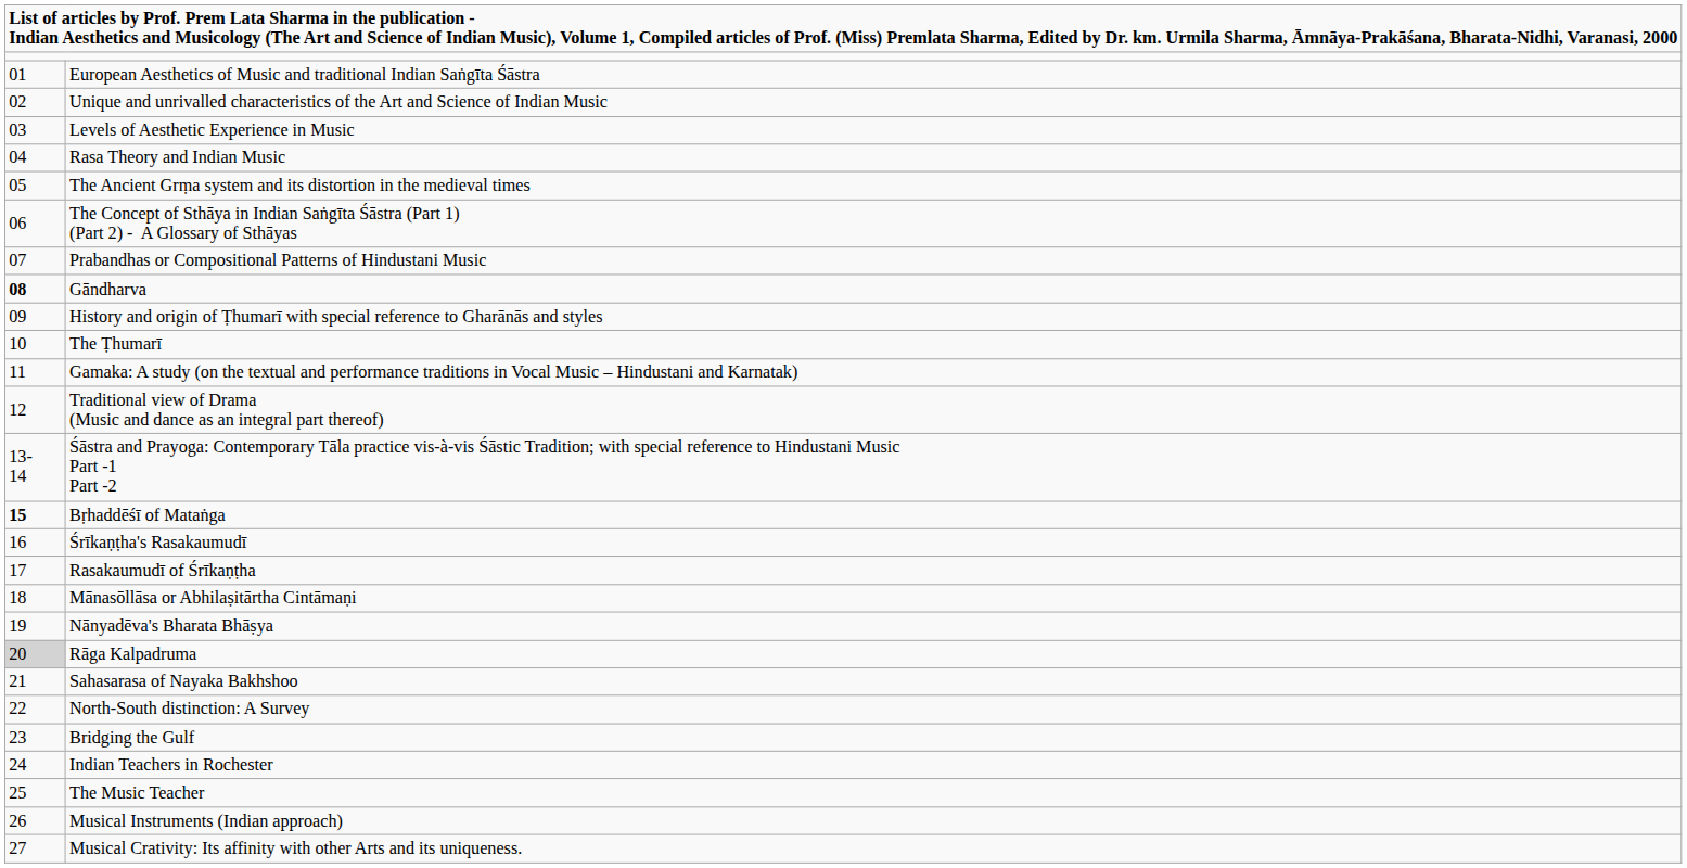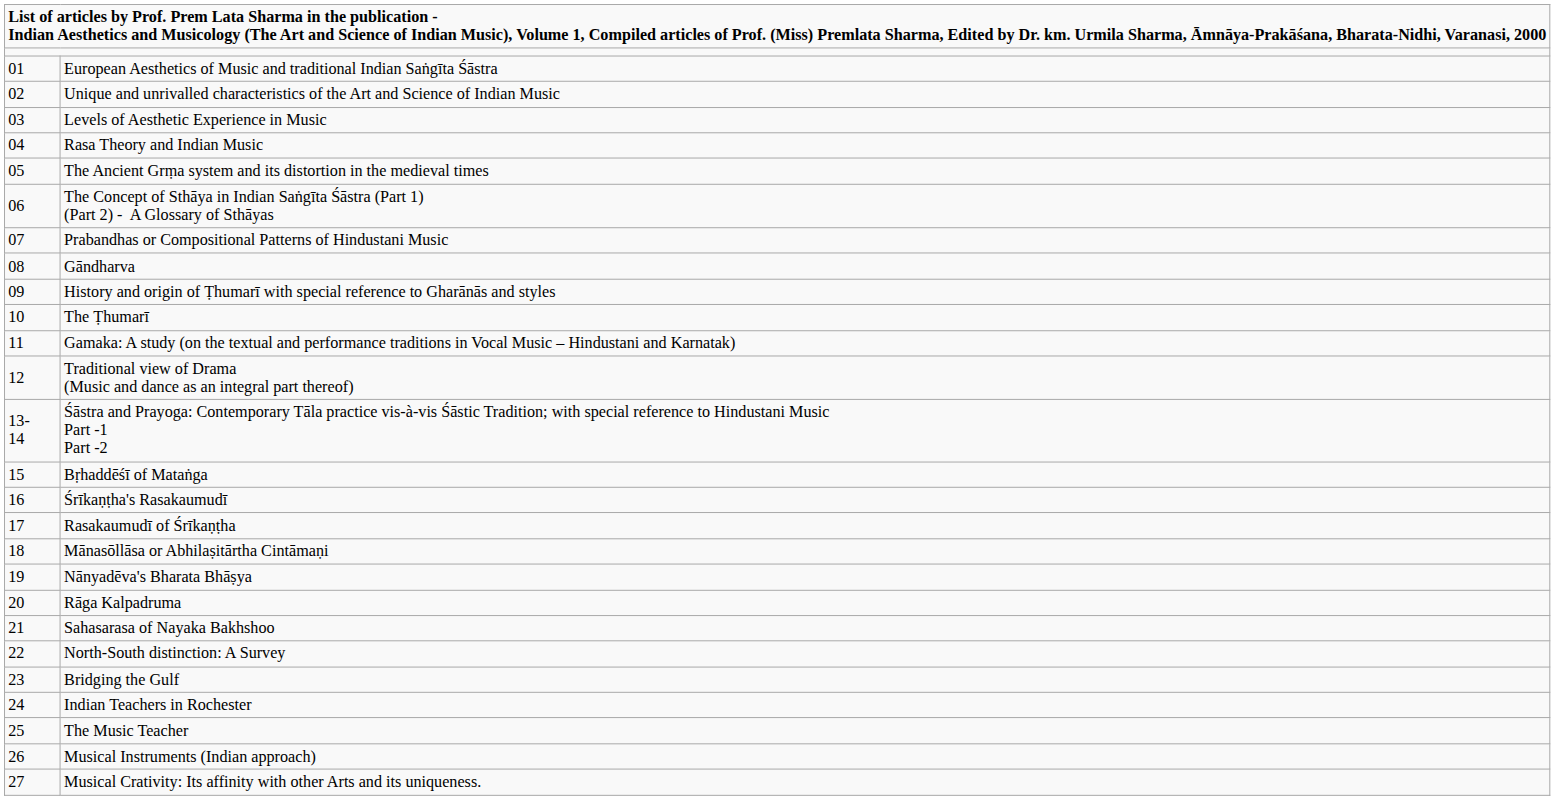 <table class="wikitable">
 <tr>
 <td colspan="2"><strong>List of articles by Prof. Prem Lata Sharma in the publication -</strong><br><strong>Indian Aesthetics and Musicology (The Art and Science of Indian Music), Volume 1, Compiled articles of Prof. (Miss) Premlata Sharma, Edited by Dr. km. Urmila Sharma, Āmnāya-Prakāśana, Bharata-Nidhi, Varanasi, 2000</strong><br></td>
 </tr>
 <tr>
 <td colspan="2"></td>
 </tr>
 <tr>
 <td>01</td>
 <td>European Aesthetics of Music and traditional Indian Saṅgīta Śāstra</td>
 </tr>
 <tr>
 <td>02</td>
 <td>Unique and unrivalled characteristics of the Art and Science of Indian Music</td>
 </tr>
 <tr>
 <td>03</td>
 <td>Levels of Aesthetic Experience in Music</td>
 </tr>
 <tr>
 <td>04</td>
 <td>Rasa Theory and Indian Music</td>
 </tr>
 <tr>
 <td>05</td>
 <td>The Ancient Grṃa system and its distortion in the medieval times</td>
 </tr>
 <tr>
 <td>06</td>
 <td>The Concept of Sthāya in Indian Saṅgīta Śāstra (Part 1)<br>(Part 2) -  A Glossary of Sthāyas</td>
 </tr>
 <tr>
 <td>07</td>
 <td>Prabandhas or Compositional Patterns of Hindustani Music</td>
 </tr>
 <tr>
-<td><strong>08</strong></td>
+<td>08</td>
 <td>Gāndharva</td>
 </tr>
 <tr>
 <td>09</td>
 <td>History and origin of Ṭhumarī with special reference to Gharānās and styles</td>
 </tr>
 <tr>
 <td>10</td>
 <td>The Ṭhumarī</td>
 </tr>
 <tr>
 <td>11</td>
 <td>Gamaka: A study (on the textual and performance traditions in Vocal Music – Hindustani and Karnatak)</td>
 </tr>
 <tr>
 <td>12</td>
 <td>Traditional view of Drama<br>(Music and dance as an integral part thereof)</td>
 </tr>
 <tr>
 <td>13-<br>14</td>
 <td>Śāstra and Prayoga:  Contemporary Tāla practice vis-à-vis Śāstic Tradition; with special reference to Hindustani Music<br>Part -1<br>Part -2</td>
 </tr>
 <tr>
-<td><strong>15</strong></td>
+<td>15</td>
 <td>Bṛhaddēśī of Mataṅga</td>
 </tr>
 <tr>
 <td>16</td>
 <td>Śrīkaṇṭha's Rasakaumudī</td>
 </tr>
 <tr>
 <td>17</td>
 <td>Rasakaumudī of Śrīkaṇṭha</td>
 </tr>
 <tr>
 <td>18</td>
 <td>Mānasōllāsa or Abhilaṣitārtha Cintāmaṇi</td>
 </tr>
 <tr>
 <td>19</td>
 <td>Nānyadēva's Bharata Bhāṣya</td>
 </tr>
 <tr>
-<td style="background: lightgrey;">20</td>
+<td>20</td>
 <td>Rāga Kalpadruma</td>
 </tr>
 <tr>
 <td>21</td>
 <td>Sahasarasa of Nayaka Bakhshoo</td>
 </tr>
 <tr>
 <td>22</td>
 <td>North-South distinction: A Survey</td>
 </tr>
 <tr>
 <td>23</td>
 <td>Bridging the Gulf</td>
 </tr>
 <tr>
 <td>24</td>
 <td>Indian Teachers in Rochester</td>
 </tr>
 <tr>
 <td>25</td>
 <td>The Music Teacher</td>
 </tr>
 <tr>
 <td>26</td>
 <td>Musical Instruments (Indian approach)</td>
 </tr>
 <tr>
 <td>27</td>
 <td>Musical Crativity: Its affinity with other Arts and its uniqueness.</td>
 </tr>
 </table>
